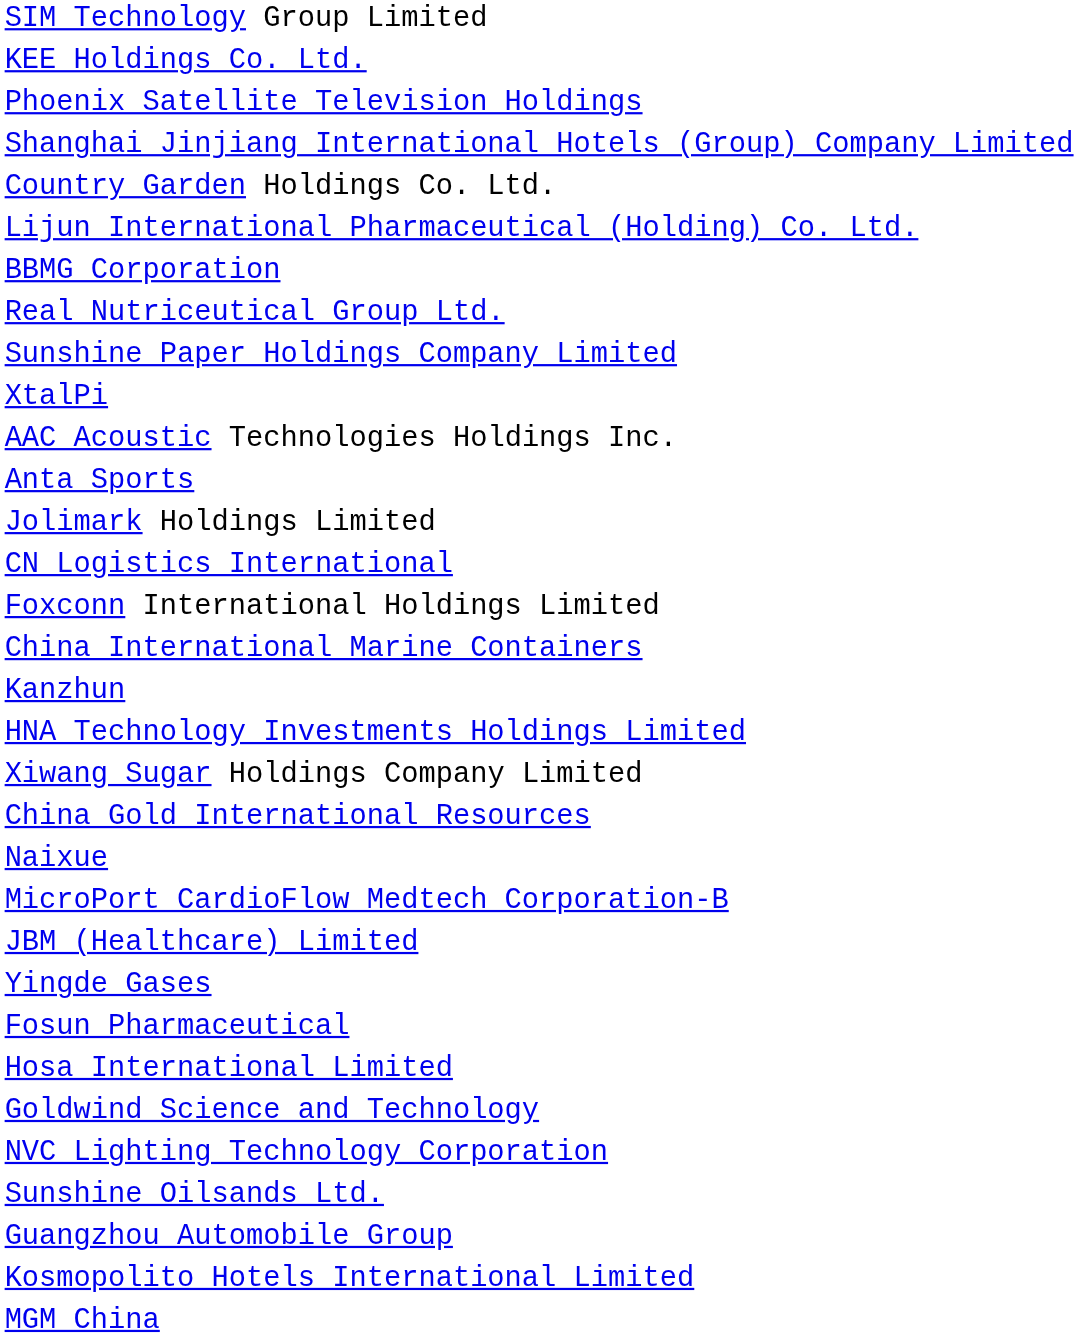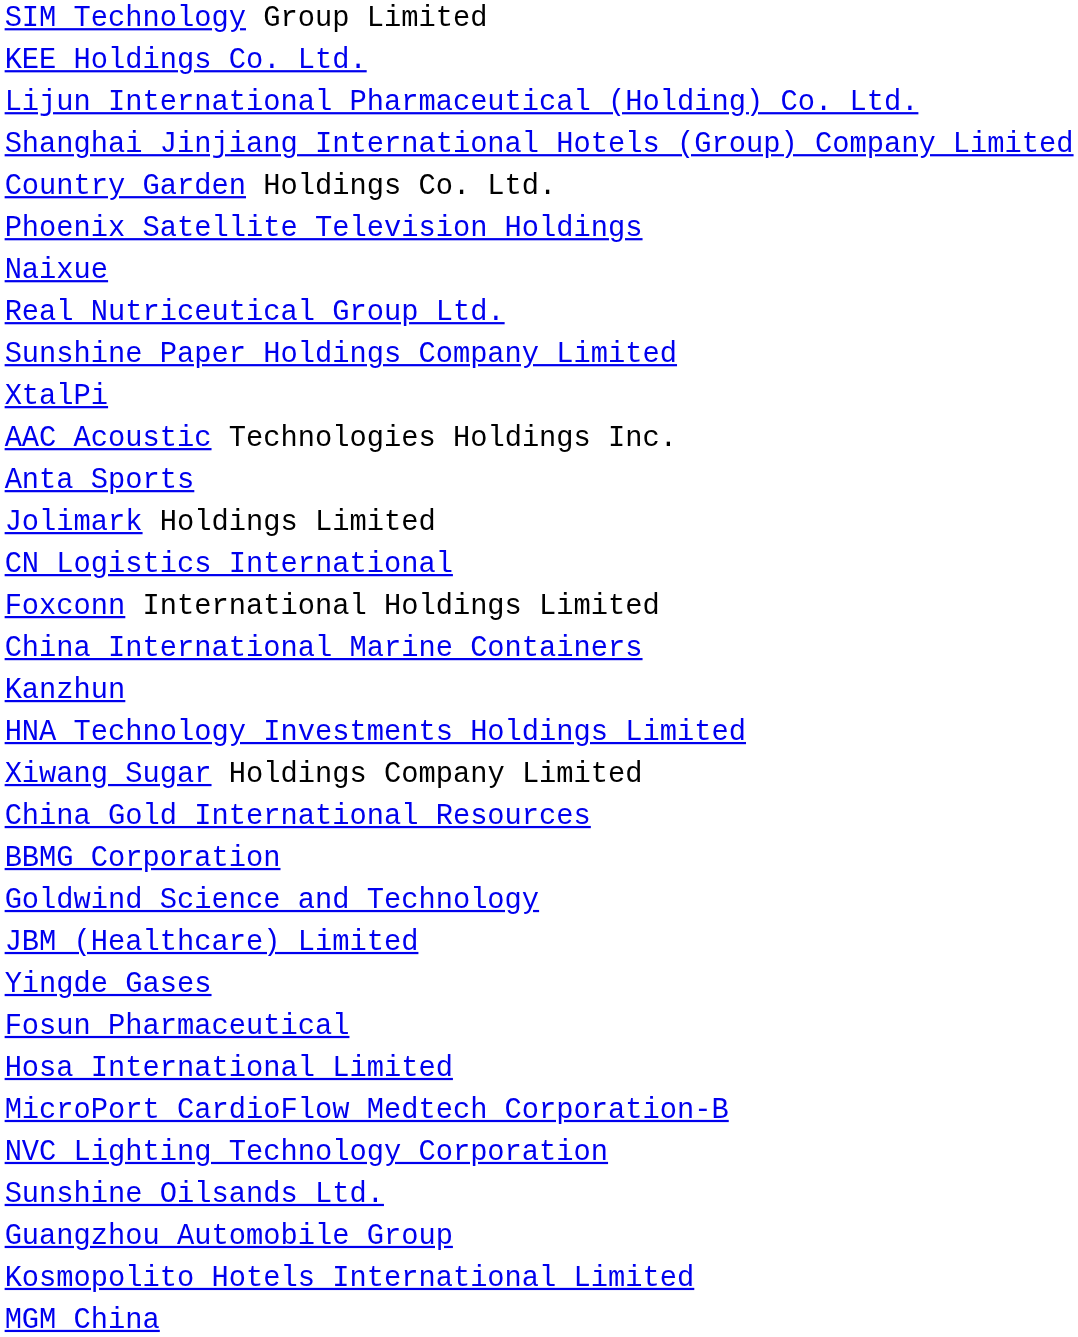 <table>
 <tr>
 <td> <a href='#'>SIM Technology</a> Group Limited</td>
 </tr>
 <tr>
 <td> <a href='#'>KEE Holdings Co. Ltd.</a></td>
 </tr>
 <tr>
-<td> <a href='#'>Phoenix Satellite Television Holdings</a></td>
+<td> <a href='#'>Lijun International Pharmaceutical (Holding) Co. Ltd.</a></td>
 </tr>
 <tr>
 <td> <a href='#'>Shanghai Jinjiang International Hotels (Group) Company Limited</a></td>
 </tr>
 <tr>
 <td> <a href='#'>Country Garden</a> Holdings Co. Ltd.</td>
 </tr>
 <tr>
-<td> <a href='#'>Lijun International Pharmaceutical (Holding) Co. Ltd.</a></td>
+<td> <a href='#'>Phoenix Satellite Television Holdings</a></td>
 </tr>
 <tr>
-<td> <a href='#'>BBMG Corporation</a></td>
+<td> <a href='#'>Naixue</a></td>
 </tr>
 <tr>
 <td> <a href='#'>Real Nutriceutical Group Ltd.</a></td>
 </tr>
 <tr>
 <td> <a href='#'>Sunshine Paper Holdings Company Limited</a></td>
 </tr>
 <tr>
 <td> <a href='#'>XtalPi</a></td>
 </tr>
 <tr>
 <td> <a href='#'>AAC Acoustic</a> Technologies Holdings Inc.</td>
 </tr>
 <tr>
 <td> <a href='#'>Anta Sports</a></td>
 </tr>
 <tr>
 <td> <a href='#'>Jolimark</a> Holdings Limited</td>
 </tr>
 <tr>
 <td> <a href='#'>CN Logistics International</a></td>
 </tr>
 <tr>
 <td> <a href='#'>Foxconn</a> International Holdings Limited</td>
 </tr>
 <tr>
 <td> <a href='#'>China International Marine Containers</a></td>
 </tr>
 <tr>
 <td> <a href='#'>Kanzhun</a></td>
 </tr>
 <tr>
 <td> <a href='#'>HNA Technology Investments Holdings Limited</a></td>
 </tr>
 <tr>
 <td> <a href='#'>Xiwang Sugar</a> Holdings Company Limited</td>
 </tr>
 <tr>
 <td> <a href='#'>China Gold International Resources</a></td>
 </tr>
 <tr>
-<td> <a href='#'>Naixue</a></td>
+<td> <a href='#'>BBMG Corporation</a></td>
 </tr>
 <tr>
-<td> <a href='#'>MicroPort CardioFlow Medtech Corporation-B</a></td>
+<td> <a href='#'>Goldwind Science and Technology</a></td>
 </tr>
 <tr>
 <td> <a href='#'>JBM (Healthcare) Limited</a></td>
 </tr>
 <tr>
 <td> <a href='#'>Yingde Gases</a></td>
 </tr>
 <tr>
 <td> <a href='#'>Fosun Pharmaceutical</a></td>
 </tr>
 <tr>
 <td> <a href='#'>Hosa International Limited</a></td>
 </tr>
 <tr>
-<td> <a href='#'>Goldwind Science and Technology</a></td>
+<td> <a href='#'>MicroPort CardioFlow Medtech Corporation-B</a></td>
 </tr>
 <tr>
 <td> <a href='#'>NVC Lighting Technology Corporation</a></td>
 </tr>
 <tr>
 <td> <a href='#'>Sunshine Oilsands Ltd.</a></td>
 </tr>
 <tr>
 <td> <a href='#'>Guangzhou Automobile Group</a></td>
 </tr>
 <tr>
 <td> <a href='#'>Kosmopolito Hotels International Limited</a></td>
 </tr>
 <tr>
 <td> <a href='#'>MGM China</a></td>
 </tr>
 </table>
